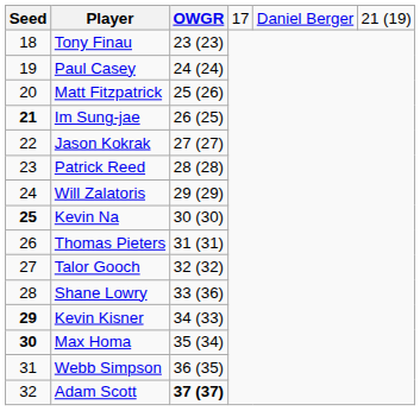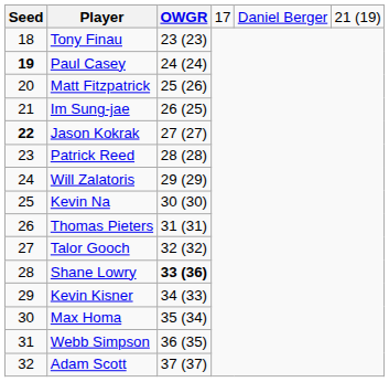 <table class=wikitable style=font-size:85%;text-align:center>
 <tr>
 <th>Seed</th>
 <th>Player</th>
 <th><a href='#'>OWGR</a></th>
 <td>17</td>
 <td style="text-align:left;"> <a href='#'>Daniel Berger</a></td>
 <td>21 (19)</td>
 </tr>
 <tr>
 <td>18</td>
 <td style="text-align:left;"> <a href='#'>Tony Finau</a></td>
 <td>23 (23)</td>
 </tr>
 <tr>
-<td>19</td>
+<td><strong>19</strong></td>
 <td style="text-align:left;"> <a href='#'>Paul Casey</a></td>
 <td>24 (24)</td>
 </tr>
 <tr>
 <td>20</td>
 <td style="text-align:left;"> <a href='#'>Matt Fitzpatrick</a></td>
 <td>25 (26)</td>
 </tr>
 <tr>
-<td><strong>21</strong></td>
+<td>21</td>
 <td style="text-align:left;"> <a href='#'>Im Sung-jae</a></td>
 <td>26 (25)</td>
 </tr>
 <tr>
-<td>22</td>
+<td><strong>22</strong></td>
 <td style="text-align:left;"> <a href='#'>Jason Kokrak</a></td>
 <td>27 (27)</td>
 </tr>
 <tr>
 <td>23</td>
 <td style="text-align:left;"> <a href='#'>Patrick Reed</a></td>
 <td>28 (28)</td>
 </tr>
 <tr>
 <td>24</td>
 <td style="text-align:left;"> <a href='#'>Will Zalatoris</a></td>
 <td>29 (29)</td>
 </tr>
 <tr>
-<td><strong>25</strong></td>
+<td>25</td>
 <td style="text-align:left;"> <a href='#'>Kevin Na</a></td>
 <td>30 (30)</td>
 </tr>
 <tr>
 <td>26</td>
 <td style="text-align:left;"> <a href='#'>Thomas Pieters</a></td>
 <td>31 (31)</td>
 </tr>
 <tr>
 <td>27</td>
 <td style="text-align:left;"> <a href='#'>Talor Gooch</a></td>
 <td>32 (32)</td>
 </tr>
 <tr>
 <td>28</td>
 <td style="text-align:left;"> <a href='#'>Shane Lowry</a></td>
-<td>33 (36)</td>
+<td><strong>33 (36)</strong></td>
 </tr>
 <tr>
-<td><strong>29</strong></td>
+<td>29</td>
 <td style="text-align:left;"> <a href='#'>Kevin Kisner</a></td>
 <td>34 (33)</td>
 </tr>
 <tr>
-<td><strong>30</strong></td>
+<td>30</td>
 <td style="text-align:left;"> <a href='#'>Max Homa</a></td>
 <td>35 (34)</td>
 </tr>
 <tr>
 <td>31</td>
 <td style="text-align:left;"> <a href='#'>Webb Simpson</a></td>
 <td>36 (35)</td>
 </tr>
 <tr>
 <td>32</td>
 <td style="text-align:left;"> <a href='#'>Adam Scott</a></td>
-<td><strong>37 (37)</strong></td>
+<td>37 (37)</td>
 </tr>
 </table>
